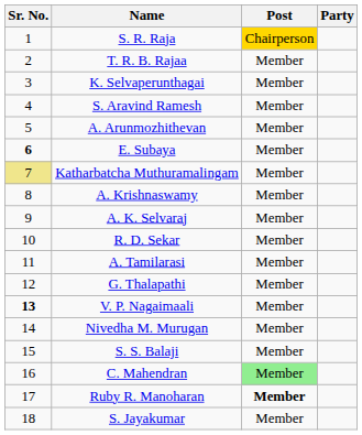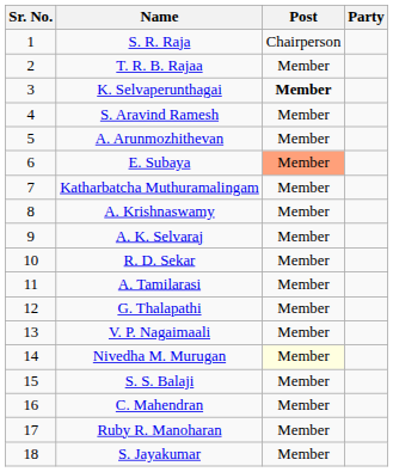 <table class="wikitable sortable">
 <tr>
 <th>Sr. No.</th>
 <th>Name</th>
 <th>Post</th>
 <th colspan="2">Party</th>
 </tr>
 <tr align="center">
 <td>1</td>
 <td><a href='#'>S. R. Raja</a></td>
-<td style="background: gold;">Chairperson</td>
+<td>Chairperson</td>
 <td></td>
 </tr>
 <tr align="center">
 <td>2</td>
 <td><a href='#'>T. R. B. Rajaa</a></td>
 <td>Member</td>
 <td></td>
 </tr>
 <tr align="center">
 <td>3</td>
 <td><a href='#'>K. Selvaperunthagai</a></td>
-<td>Member</td>
+<td><strong>Member</strong></td>
 <td></td>
 </tr>
 <tr align="center">
 <td>4</td>
 <td><a href='#'>S. Aravind Ramesh</a></td>
 <td>Member</td>
 <td></td>
 </tr>
 <tr align="center">
 <td>5</td>
 <td><a href='#'>A. Arunmozhithevan</a></td>
 <td>Member</td>
 <td></td>
 </tr>
 <tr align="center">
-<td><strong>6</strong></td>
+<td>6</td>
 <td><a href='#'>E. Subaya</a></td>
-<td>Member</td>
+<td style="background: lightsalmon;">Member</td>
 <td></td>
 </tr>
 <tr align="center">
-<td style="background: khaki;">7</td>
+<td>7</td>
 <td><a href='#'>Katharbatcha Muthuramalingam</a></td>
 <td>Member</td>
 <td></td>
 </tr>
 <tr align="center">
 <td>8</td>
 <td><a href='#'>A. Krishnaswamy</a></td>
 <td>Member</td>
 <td></td>
 </tr>
 <tr align="center">
 <td>9</td>
 <td><a href='#'>A. K. Selvaraj</a></td>
 <td>Member</td>
 <td></td>
 </tr>
 <tr align="center">
 <td>10</td>
 <td><a href='#'>R. D. Sekar</a></td>
 <td>Member</td>
 <td></td>
 </tr>
 <tr align="center">
 <td>11</td>
 <td><a href='#'>A. Tamilarasi</a></td>
 <td>Member</td>
 <td></td>
 </tr>
 <tr align="center">
 <td>12</td>
 <td><a href='#'>G. Thalapathi</a></td>
 <td>Member</td>
 <td></td>
 </tr>
 <tr align="center">
-<td><strong>13</strong></td>
+<td>13</td>
 <td><a href='#'>V. P. Nagaimaali</a></td>
 <td>Member</td>
 <td></td>
 </tr>
 <tr align="center">
 <td>14</td>
 <td><a href='#'>Nivedha M. Murugan</a></td>
-<td>Member</td>
+<td style="background: lightyellow;">Member</td>
 <td></td>
 </tr>
 <tr align="center">
 <td>15</td>
 <td><a href='#'>S. S. Balaji</a></td>
 <td>Member</td>
 <td></td>
 </tr>
 <tr align="center">
 <td>16</td>
 <td><a href='#'>C. Mahendran</a></td>
-<td style="background: lightgreen;">Member</td>
+<td>Member</td>
 <td></td>
 </tr>
 <tr align="center">
 <td>17</td>
 <td><a href='#'>Ruby R. Manoharan</a></td>
-<td><strong>Member</strong></td>
+<td>Member</td>
 <td></td>
 </tr>
 <tr align="center">
 <td>18</td>
 <td><a href='#'>S. Jayakumar</a></td>
 <td>Member</td>
 <td></td>
 </tr>
 </table>
